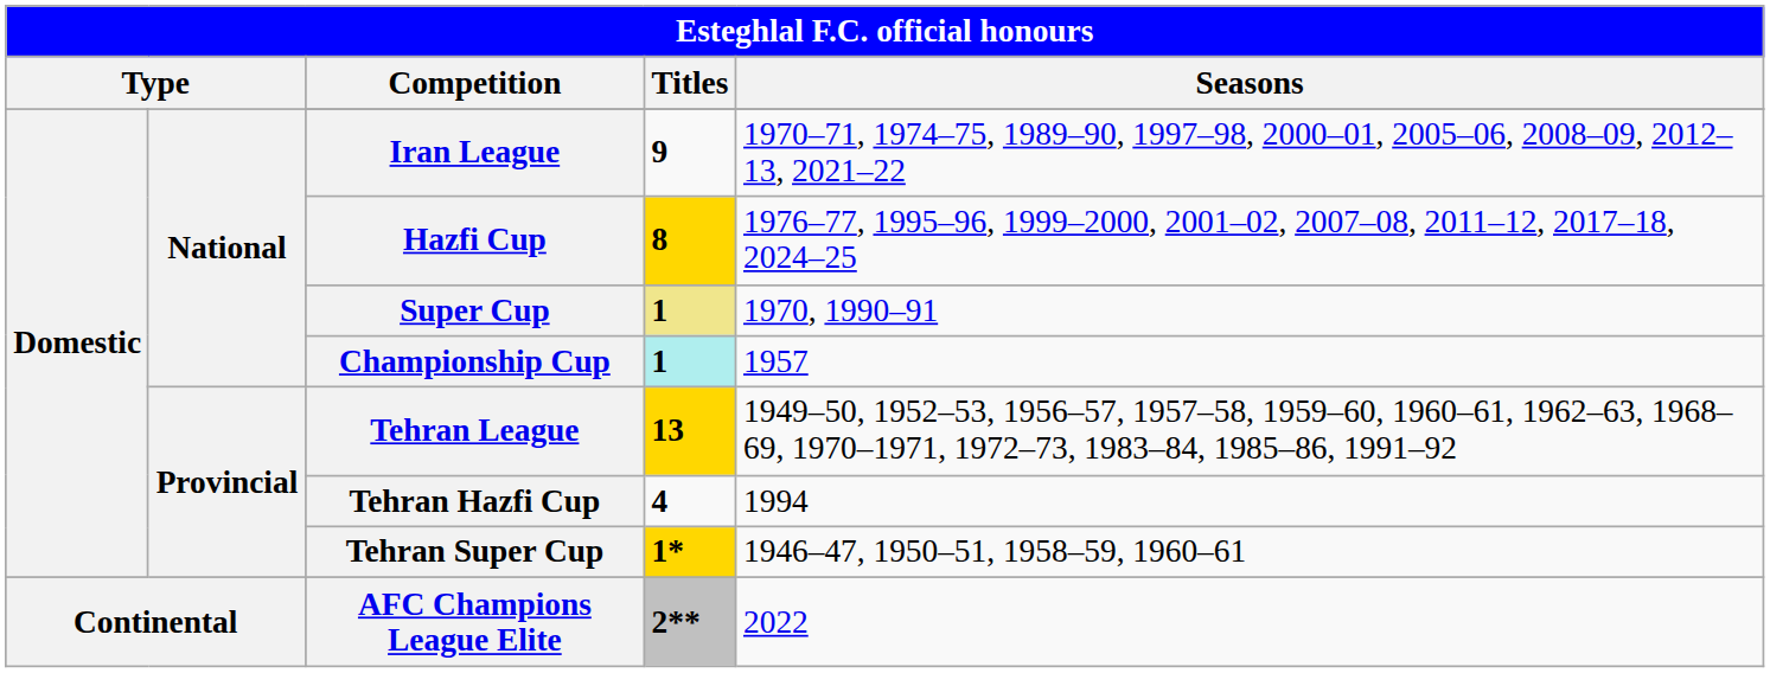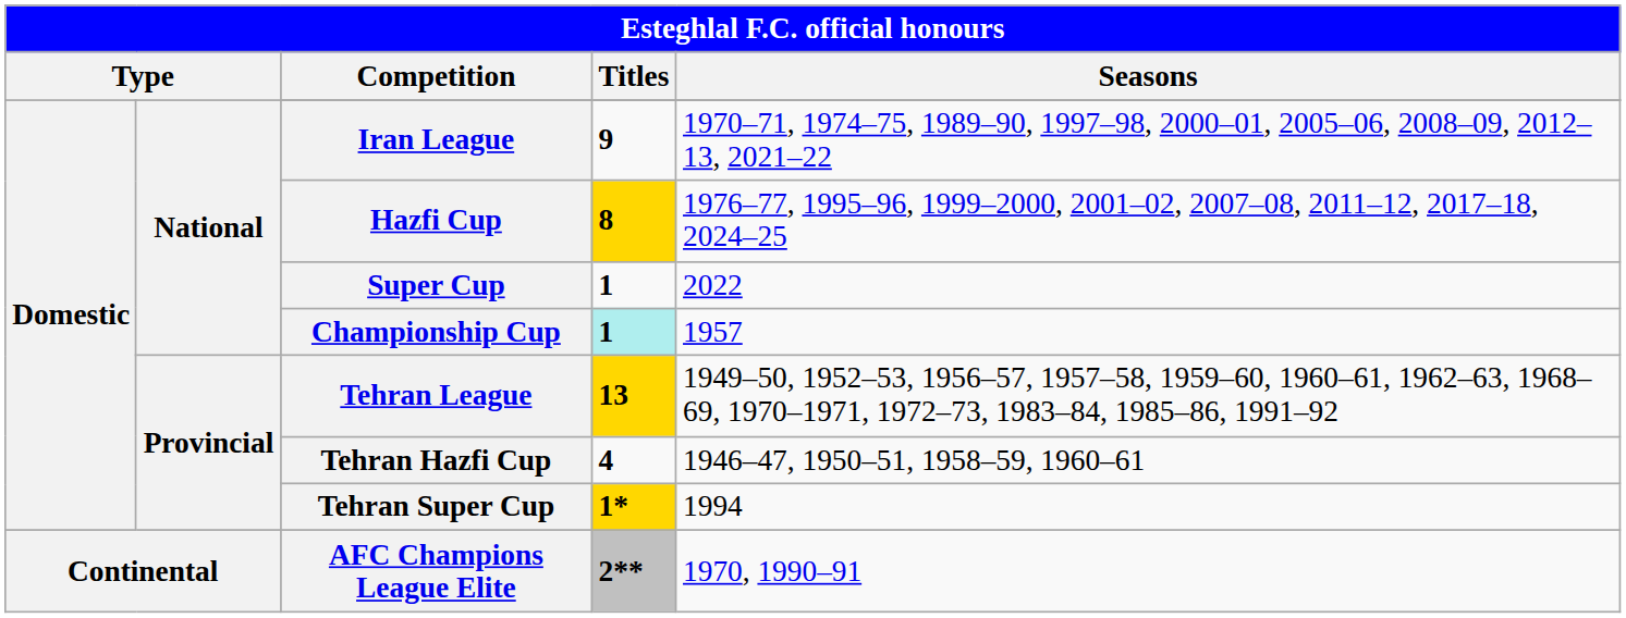 <table class="wikitable">
 <tr>
 <th colspan="6" style="background:#0000FF; color:#FFFFFF; ">Esteghlal F.C. official honours</th>
 </tr>
 <tr>
 <th colspan="2">Type</th>
 <th>Competition</th>
 <th>Titles</th>
 <th>Seasons</th>
 </tr>
 <tr>
 <th rowspan="8">Domestic</th>
 <th rowspan="5">National</th>
 </tr>
 <tr>
 <th><a href='#'>Iran League</a></th>
 <td><strong>9</strong></td>
 <td><a href='#'>1970–71</a>, <a href='#'>1974–75</a>, <a href='#'>1989–90</a>, <a href='#'>1997–98</a>, <a href='#'>2000–01</a>, <a href='#'>2005–06</a>, <a href='#'>2008–09</a>, <a href='#'>2012–13</a>, <a href='#'>2021–22</a></td>
 </tr>
 <tr>
 <th><a href='#'>Hazfi Cup</a></th>
 <td bgcolor="gold"><strong>8</strong></td>
 <td><a href='#'>1976–77</a>, <a href='#'>1995–96</a>, <a href='#'>1999–2000</a>, <a href='#'>2001–02</a>, <a href='#'>2007–08</a>, <a href='#'>2011–12</a>, <a href='#'>2017–18</a>, <a href='#'>2024–25</a></td>
 </tr>
 <tr>
 <th><a href='#'>Super Cup</a></th>
-<td style="background: khaki;"><strong>1</strong></td>
-<td><a href='#'>1970</a>, <a href='#'>1990–91</a></td>
+<td><strong>1</strong></td>
+<td><a href='#'>2022</a></td>
 </tr>
 <tr>
 <th><a href='#'>Championship Cup</a></th>
 <td style="background: paleturquoise;"><strong>1</strong></td>
 <td><a href='#'>1957</a></td>
 </tr>
 <tr>
 <th rowspan="3">Provincial</th>
 <th><a href='#'>Tehran League</a></th>
 <td bgcolor="gold"><strong>13</strong></td>
 <td>1949–50, 1952–53, 1956–57, 1957–58, 1959–60, 1960–61, 1962–63, 1968–69, 1970–1971, 1972–73, 1983–84, 1985–86, 1991–92</td>
 </tr>
 <tr>
 <th>Tehran Hazfi Cup</th>
 <td><strong>4</strong></td>
-<td>1994</td>
+<td>1946–47, 1950–51, 1958–59, 1960–61</td>
 </tr>
 <tr>
 <th>Tehran Super Cup</th>
 <td bgcolor="gold"><strong>1*</strong></td>
-<td>1946–47, 1950–51, 1958–59, 1960–61</td>
+<td>1994</td>
 </tr>
 <tr>
 <th colspan="2">Continental</th>
 <th><a href='#'>AFC Champions League Elite</a></th>
 <td bgcolor="silver"><strong>2**</strong></td>
-<td><a href='#'>2022</a></td>
+<td><a href='#'>1970</a>, <a href='#'>1990–91</a></td>
 </tr>
 </table>
